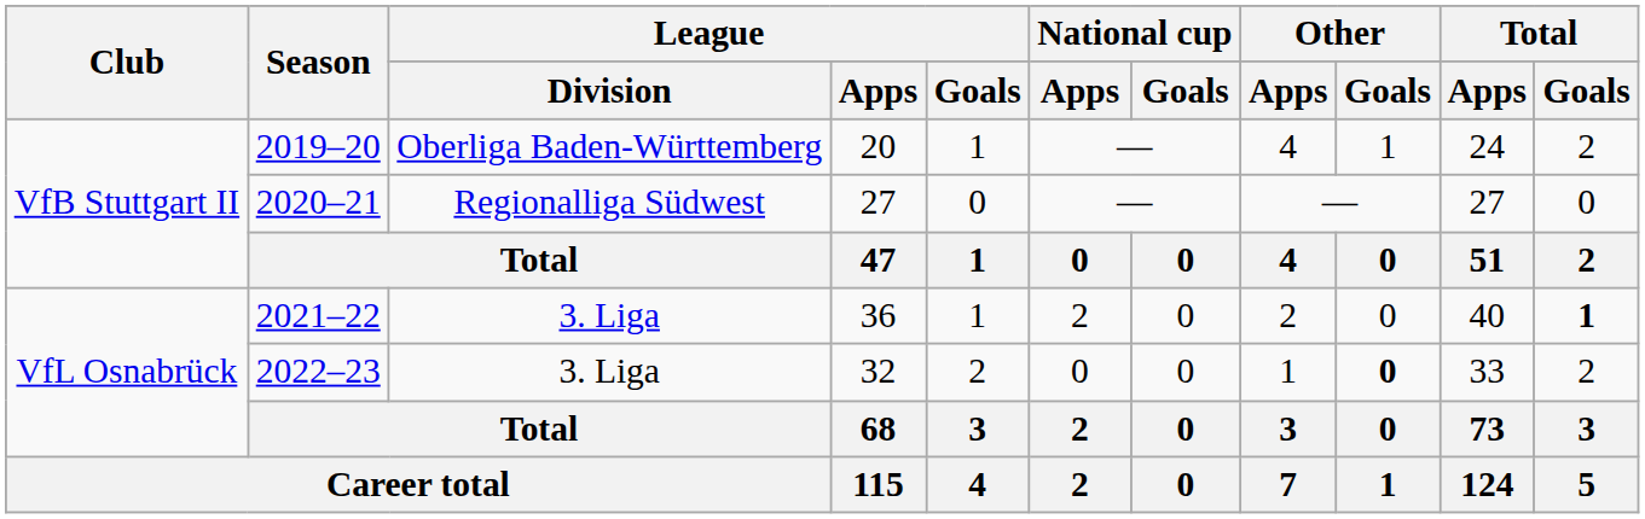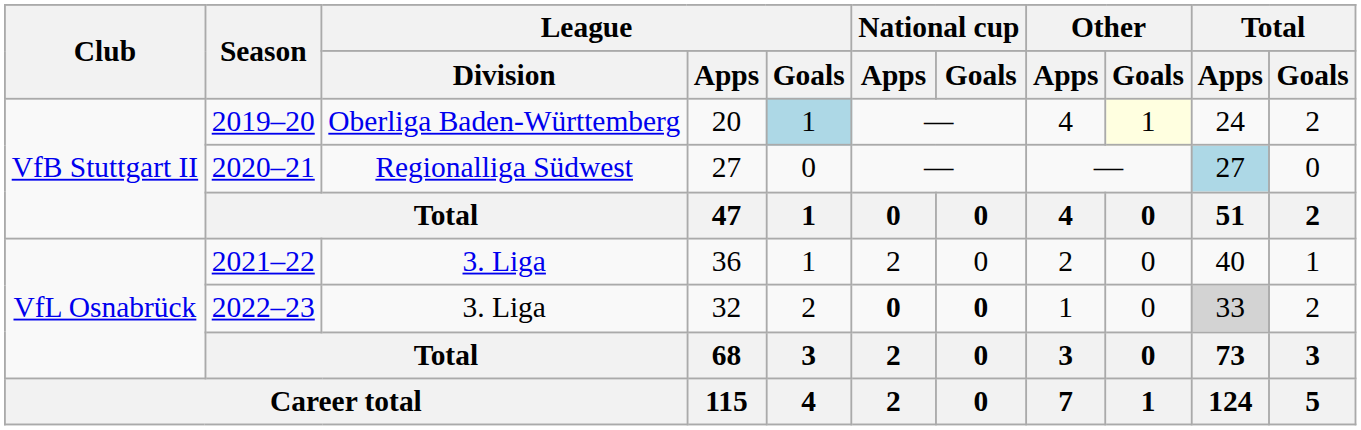 <table class="wikitable" style="text-align:center">
 <tr>
 <th rowspan="2">Club</th>
 <th rowspan="2">Season</th>
 <th colspan="3">League</th>
 <th colspan="2">National cup</th>
 <th colspan="2">Other</th>
 <th colspan="2">Total</th>
 </tr>
 <tr>
 <th>Division</th>
 <th>Apps</th>
 <th>Goals</th>
 <th>Apps</th>
 <th>Goals</th>
 <th>Apps</th>
 <th>Goals</th>
 <th>Apps</th>
 <th>Goals</th>
 </tr>
 <tr>
 <td rowspan="3"><a href='#'>VfB Stuttgart II</a></td>
 <td><a href='#'>2019–20</a></td>
 <td><a href='#'>Oberliga Baden-Württemberg</a></td>
 <td>20</td>
-<td>1</td>
+<td style="background: lightblue;">1</td>
 <td colspan="2">—</td>
 <td>4</td>
-<td>1</td>
+<td style="background: lightyellow;">1</td>
 <td>24</td>
 <td>2</td>
 </tr>
 <tr>
 <td><a href='#'>2020–21</a></td>
 <td><a href='#'>Regionalliga Südwest</a></td>
 <td>27</td>
 <td>0</td>
 <td colspan="2">—</td>
 <td colspan="2">—</td>
-<td>27</td>
+<td style="background: lightblue;">27</td>
 <td>0</td>
 </tr>
 <tr>
 <th colspan="2">Total</th>
 <th>47</th>
 <th>1</th>
 <th>0</th>
 <th>0</th>
 <th>4</th>
 <th>0</th>
 <th>51</th>
 <th>2</th>
 </tr>
 <tr>
 <td rowspan="3"><a href='#'>VfL Osnabrück</a></td>
 <td><a href='#'>2021–22</a></td>
 <td><a href='#'>3. Liga</a></td>
 <td>36</td>
 <td>1</td>
 <td>2</td>
 <td>0</td>
 <td>2</td>
 <td>0</td>
 <td>40</td>
-<td><strong>1</strong></td>
+<td>1</td>
 </tr>
 <tr>
 <td><a href='#'>2022–23</a></td>
 <td>3. Liga</td>
 <td>32</td>
 <td>2</td>
+<td><strong>0</strong></td>
+<td><strong>0</strong></td>
+<td>1</td>
 <td>0</td>
-<td>0</td>
-<td>1</td>
-<td><strong>0</strong></td>
-<td>33</td>
+<td style="background: lightgrey;">33</td>
 <td>2</td>
 </tr>
 <tr>
 <th colspan="2">Total</th>
 <th>68</th>
 <th>3</th>
 <th>2</th>
 <th>0</th>
 <th>3</th>
 <th>0</th>
 <th>73</th>
 <th>3</th>
 </tr>
 <tr>
 <th colspan="3">Career total</th>
 <th>115</th>
 <th>4</th>
 <th>2</th>
 <th>0</th>
 <th>7</th>
 <th>1</th>
 <th>124</th>
 <th>5</th>
 </tr>
 </table>
